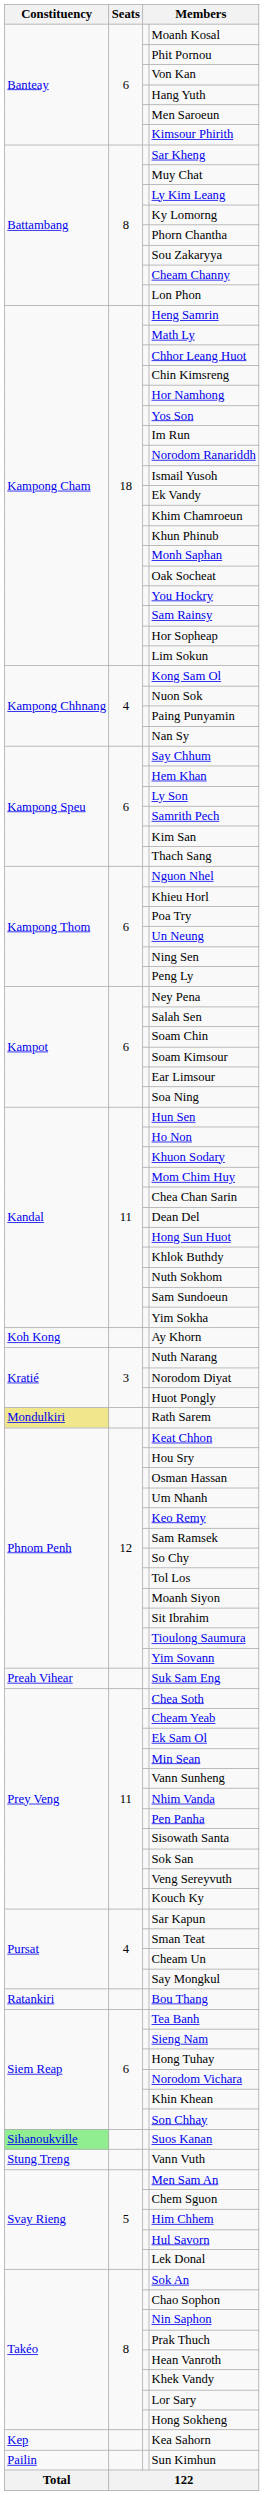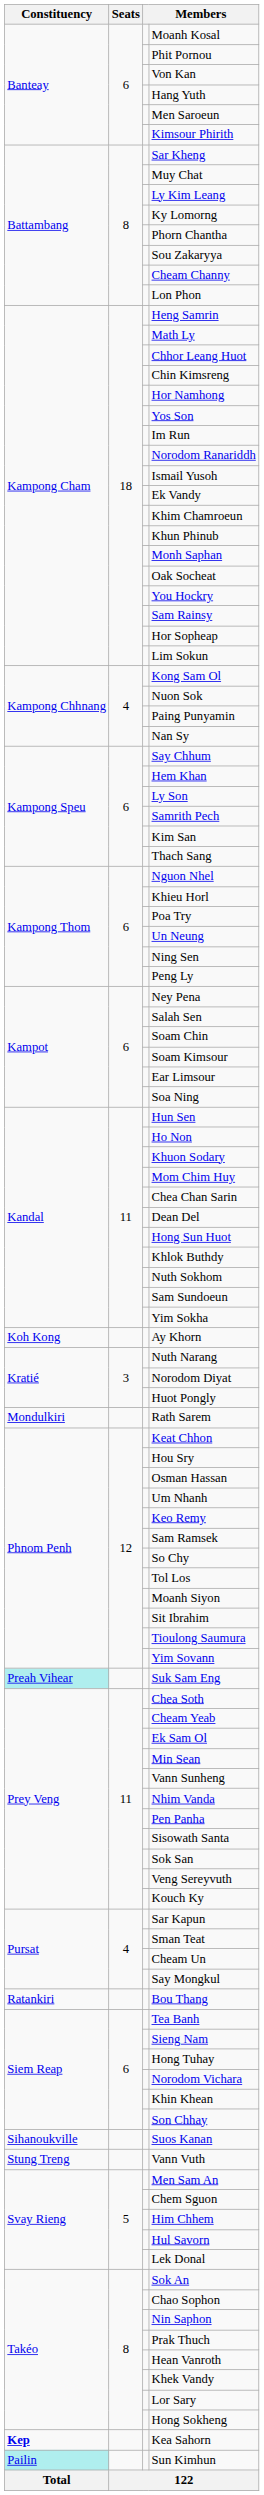 <table class=wikitable>
 <tr>
 <th>Constituency</th>
 <th>Seats</th>
 <th colspan="2">Members</th>
 </tr>
 <tr>
 <td rowspan="6"><a href='#'>Banteay</a></td>
 <td rowspan="6" style="text-align:center">6</td>
 <td style="background-color:"></td>
 <td>Moanh Kosal</td>
 </tr>
 <tr>
 <td style="background-color:"></td>
 <td>Phit Pornou</td>
 </tr>
 <tr>
 <td style="background-color:"></td>
 <td>Von Kan</td>
 </tr>
 <tr>
 <td style="background-color:"></td>
 <td>Hang Yuth</td>
 </tr>
 <tr>
 <td style="background-color:"></td>
 <td>Men Saroeun</td>
 </tr>
 <tr>
 <td style="background-color:"></td>
 <td><a href='#'>Kimsour Phirith</a></td>
 </tr>
 <tr>
 <td rowspan="8"><a href='#'>Battambang</a></td>
 <td rowspan="8" style="text-align:center">8</td>
 <td style="background-color:"></td>
 <td><a href='#'>Sar Kheng</a></td>
 </tr>
 <tr>
 <td style="background-color:"></td>
 <td>Muy Chat</td>
 </tr>
 <tr>
 <td style="background-color:"></td>
 <td><a href='#'>Ly Kim Leang</a></td>
 </tr>
 <tr>
 <td style="background-color:"></td>
 <td>Ky Lomorng</td>
 </tr>
 <tr>
 <td style="background-color:"></td>
 <td>Phorn Chantha</td>
 </tr>
 <tr>
 <td style="background-color:"></td>
 <td>Sou Zakaryya</td>
 </tr>
 <tr>
 <td style="background-color:"></td>
 <td><a href='#'>Cheam Channy</a></td>
 </tr>
 <tr>
 <td style="background-color:"></td>
 <td>Lon Phon</td>
 </tr>
 <tr>
 <td rowspan="18"><a href='#'>Kampong Cham</a></td>
 <td rowspan="18" style="text-align:center">18</td>
 <td style="background-color:"></td>
 <td><a href='#'>Heng Samrin</a></td>
 </tr>
 <tr>
 <td style="background-color:"></td>
 <td><a href='#'>Math Ly</a></td>
 </tr>
 <tr>
 <td style="background-color:"></td>
 <td><a href='#'>Chhor Leang Huot</a></td>
 </tr>
 <tr>
 <td style="background-color:"></td>
 <td>Chin Kimsreng</td>
 </tr>
 <tr>
 <td style="background-color:"></td>
 <td><a href='#'>Hor Namhong</a></td>
 </tr>
 <tr>
 <td style="background-color:"></td>
 <td><a href='#'>Yos Son</a></td>
 </tr>
 <tr>
 <td style="background-color:"></td>
 <td>Im Run</td>
 </tr>
 <tr>
 <td style="background-color:"></td>
 <td><a href='#'>Norodom Ranariddh</a></td>
 </tr>
 <tr>
 <td style="background-color:"></td>
 <td>Ismail Yusoh</td>
 </tr>
 <tr>
 <td style="background-color:"></td>
 <td>Ek Vandy</td>
 </tr>
 <tr>
 <td style="background-color:"></td>
 <td>Khim Chamroeun</td>
 </tr>
 <tr>
 <td style="background-color:"></td>
 <td>Khun Phinub</td>
 </tr>
 <tr>
 <td style="background-color:"></td>
 <td><a href='#'>Monh Saphan</a></td>
 </tr>
 <tr>
 <td style="background-color:"></td>
 <td>Oak Socheat</td>
 </tr>
 <tr>
 <td style="background-color:"></td>
 <td><a href='#'>You Hockry</a></td>
 </tr>
 <tr>
 <td style="background-color:"></td>
 <td><a href='#'>Sam Rainsy</a></td>
 </tr>
 <tr>
 <td style="background-color:"></td>
 <td>Hor Sopheap</td>
 </tr>
 <tr>
 <td style="background-color:"></td>
 <td>Lim Sokun</td>
 </tr>
 <tr>
 <td rowspan="4"><a href='#'>Kampong Chhnang</a></td>
 <td rowspan="4" style="text-align:center">4</td>
 <td style="background-color:"></td>
 <td><a href='#'>Kong Sam Ol</a></td>
 </tr>
 <tr>
 <td style="background-color:"></td>
 <td>Nuon Sok</td>
 </tr>
 <tr>
 <td style="background-color:"></td>
 <td>Paing Punyamin</td>
 </tr>
 <tr>
 <td style="background-color:"></td>
 <td>Nan Sy</td>
 </tr>
 <tr>
 <td rowspan="6"><a href='#'>Kampong Speu</a></td>
 <td rowspan="6" style="text-align:center">6</td>
 <td style="background-color:"></td>
 <td><a href='#'>Say Chhum</a></td>
 </tr>
 <tr>
 <td style="background-color:"></td>
 <td><a href='#'>Hem Khan</a></td>
 </tr>
 <tr>
 <td style="background-color:"></td>
 <td><a href='#'>Ly Son</a></td>
 </tr>
 <tr>
 <td style="background-color:"></td>
 <td><a href='#'>Samrith Pech</a></td>
 </tr>
 <tr>
 <td style="background-color:"></td>
 <td>Kim San</td>
 </tr>
 <tr>
 <td style="background-color:"></td>
 <td>Thach Sang</td>
 </tr>
 <tr>
 <td rowspan="6"><a href='#'>Kampong Thom</a></td>
 <td rowspan="6" style="text-align:center">6</td>
 <td style="background-color:"></td>
 <td><a href='#'>Nguon Nhel</a></td>
 </tr>
 <tr>
 <td style="background-color:"></td>
 <td>Khieu Horl</td>
 </tr>
 <tr>
 <td style="background-color:"></td>
 <td>Poa Try</td>
 </tr>
 <tr>
 <td style="background-color:"></td>
 <td><a href='#'>Un Neung</a></td>
 </tr>
 <tr>
 <td style="background-color:"></td>
 <td>Ning Sen</td>
 </tr>
 <tr>
 <td style="background-color:"></td>
 <td>Peng Ly</td>
 </tr>
 <tr>
 <td rowspan="6"><a href='#'>Kampot</a></td>
 <td rowspan="6" style="text-align:center">6</td>
 <td style="background-color:"></td>
 <td>Ney Pena</td>
 </tr>
 <tr>
 <td style="background-color:"></td>
 <td>Salah Sen</td>
 </tr>
 <tr>
 <td style="background-color:"></td>
 <td>Soam Chin</td>
 </tr>
 <tr>
 <td style="background-color:"></td>
 <td>Soam Kimsour</td>
 </tr>
 <tr>
 <td style="background-color:"></td>
 <td>Ear Limsour</td>
 </tr>
 <tr>
 <td style="background-color:"></td>
 <td>Soa Ning</td>
 </tr>
 <tr>
 <td rowspan="11"><a href='#'>Kandal</a></td>
 <td rowspan="11" style="text-align:center">11</td>
 <td style="background-color:"></td>
 <td><a href='#'>Hun Sen</a></td>
 </tr>
 <tr>
 <td style="background-color:"></td>
 <td><a href='#'>Ho Non</a></td>
 </tr>
 <tr>
 <td style="background-color:"></td>
 <td><a href='#'>Khuon Sodary</a></td>
 </tr>
 <tr>
 <td style="background-color:"></td>
 <td><a href='#'>Mom Chim Huy</a></td>
 </tr>
 <tr>
 <td style="background-color:"></td>
 <td>Chea Chan Sarin</td>
 </tr>
 <tr>
 <td style="background-color:"></td>
 <td>Dean Del</td>
 </tr>
 <tr>
 <td style="background-color:"></td>
 <td><a href='#'>Hong Sun Huot</a></td>
 </tr>
 <tr>
 <td style="background-color:"></td>
 <td>Khlok Buthdy</td>
 </tr>
 <tr>
 <td style="background-color:"></td>
 <td>Nuth Sokhom</td>
 </tr>
 <tr>
 <td style="background-color:"></td>
 <td>Sam Sundoeun</td>
 </tr>
 <tr>
 <td style="background-color:"></td>
 <td>Yim Sokha</td>
 </tr>
 <tr>
 <td><a href='#'>Koh Kong</a></td>
 <td></td>
 <td style="background-color:"></td>
 <td>Ay Khorn</td>
 </tr>
 <tr>
 <td rowspan="3"><a href='#'>Kratié</a></td>
 <td rowspan="3" style="text-align:center">3</td>
 <td style="background-color:"></td>
 <td>Nuth Narang</td>
 </tr>
 <tr>
 <td style="background-color:"></td>
 <td>Norodom Diyat</td>
 </tr>
 <tr>
 <td style="background-color:"></td>
 <td>Huot Pongly</td>
 </tr>
 <tr>
-<td style="background: khaki;"><a href='#'>Mondulkiri</a></td>
+<td><a href='#'>Mondulkiri</a></td>
 <td></td>
 <td style="background-color:"></td>
 <td>Rath Sarem</td>
 </tr>
 <tr>
 <td rowspan="12"><a href='#'>Phnom Penh</a></td>
 <td rowspan="12" style="text-align:center">12</td>
 <td style="background-color:"></td>
 <td><a href='#'>Keat Chhon</a></td>
 </tr>
 <tr>
 <td style="background-color:"></td>
 <td>Hou Sry</td>
 </tr>
 <tr>
 <td style="background-color:"></td>
 <td>Osman Hassan</td>
 </tr>
 <tr>
 <td style="background-color:"></td>
 <td>Um Nhanh</td>
 </tr>
 <tr>
 <td style="background-color:"></td>
 <td><a href='#'>Keo Remy</a></td>
 </tr>
 <tr>
 <td style="background-color:"></td>
 <td>Sam Ramsek</td>
 </tr>
 <tr>
 <td style="background-color:"></td>
 <td>So Chy</td>
 </tr>
 <tr>
 <td style="background-color:"></td>
 <td>Tol Los</td>
 </tr>
 <tr>
 <td style="background-color:"></td>
 <td>Moanh Siyon</td>
 </tr>
 <tr>
 <td style="background-color:"></td>
 <td>Sit Ibrahim</td>
 </tr>
 <tr>
 <td style="background-color:"></td>
 <td><a href='#'>Tioulong Saumura</a></td>
 </tr>
 <tr>
 <td style="background-color:"></td>
 <td><a href='#'>Yim Sovann</a></td>
 </tr>
 <tr>
-<td><a href='#'>Preah Vihear</a></td>
+<td style="background: paleturquoise;"><a href='#'>Preah Vihear</a></td>
 <td></td>
 <td style="background-color:"></td>
 <td><a href='#'>Suk Sam Eng</a></td>
 </tr>
 <tr>
 <td rowspan="11"><a href='#'>Prey Veng</a></td>
 <td rowspan="11" style="text-align:center">11</td>
 <td style="background-color:"></td>
 <td><a href='#'>Chea Soth</a></td>
 </tr>
 <tr>
 <td style="background-color:"></td>
 <td><a href='#'>Cheam Yeab</a></td>
 </tr>
 <tr>
 <td style="background-color:"></td>
 <td><a href='#'>Ek Sam Ol</a></td>
 </tr>
 <tr>
 <td style="background-color:"></td>
 <td><a href='#'>Min Sean</a></td>
 </tr>
 <tr>
 <td style="background-color:"></td>
 <td>Vann Sunheng</td>
 </tr>
 <tr>
 <td style="background-color:"></td>
 <td><a href='#'>Nhim Vanda</a></td>
 </tr>
 <tr>
 <td style="background-color:"></td>
 <td><a href='#'>Pen Panha</a></td>
 </tr>
 <tr>
 <td style="background-color:"></td>
 <td>Sisowath Santa</td>
 </tr>
 <tr>
 <td style="background-color:"></td>
 <td>Sok San</td>
 </tr>
 <tr>
 <td style="background-color:"></td>
 <td>Veng Sereyvuth</td>
 </tr>
 <tr>
 <td style="background-color:"></td>
 <td>Kouch Ky</td>
 </tr>
 <tr>
 <td rowspan="4"><a href='#'>Pursat</a></td>
 <td rowspan="4" style="text-align:center">4</td>
 <td style="background-color:"></td>
 <td>Sar Kapun</td>
 </tr>
 <tr>
 <td style="background-color:"></td>
 <td>Sman Teat</td>
 </tr>
 <tr>
 <td style="background-color:"></td>
 <td>Cheam Un</td>
 </tr>
 <tr>
 <td style="background-color:"></td>
 <td>Say Mongkul</td>
 </tr>
 <tr>
 <td><a href='#'>Ratankiri</a></td>
 <td></td>
 <td style="background-color:"></td>
 <td><a href='#'>Bou Thang</a></td>
 </tr>
 <tr>
 <td rowspan="6"><a href='#'>Siem Reap</a></td>
 <td rowspan="6" style="text-align:center">6</td>
 <td style="background-color:"></td>
 <td><a href='#'>Tea Banh</a></td>
 </tr>
 <tr>
 <td style="background-color:"></td>
 <td><a href='#'>Sieng Nam</a></td>
 </tr>
 <tr>
 <td style="background-color:"></td>
 <td>Hong Tuhay</td>
 </tr>
 <tr>
 <td style="background-color:"></td>
 <td><a href='#'>Norodom Vichara</a></td>
 </tr>
 <tr>
 <td style="background-color:"></td>
 <td>Khin Khean</td>
 </tr>
 <tr>
 <td style="background-color:"></td>
 <td><a href='#'>Son Chhay</a></td>
 </tr>
 <tr>
-<td style="background: lightgreen;"><a href='#'>Sihanoukville</a></td>
+<td><a href='#'>Sihanoukville</a></td>
 <td></td>
 <td style="background-color:"></td>
 <td><a href='#'>Suos Kanan</a></td>
 </tr>
 <tr>
 <td><a href='#'>Stung Treng</a></td>
 <td></td>
 <td style="background-color:"></td>
 <td>Vann Vuth</td>
 </tr>
 <tr>
 <td rowspan="5"><a href='#'>Svay Rieng</a></td>
 <td rowspan="5" style="text-align:center">5</td>
 <td style="background-color:"></td>
 <td><a href='#'>Men Sam An</a></td>
 </tr>
 <tr>
 <td style="background-color:"></td>
 <td>Chem Sguon</td>
 </tr>
 <tr>
 <td style="background-color:"></td>
 <td><a href='#'>Him Chhem</a></td>
 </tr>
 <tr>
 <td style="background-color:"></td>
 <td><a href='#'>Hul Savorn</a></td>
 </tr>
 <tr>
 <td style="background-color:"></td>
 <td>Lek Donal</td>
 </tr>
 <tr>
 <td rowspan="8"><a href='#'>Takéo</a></td>
 <td rowspan="8" style="text-align:center">8</td>
 <td style="background-color:"></td>
 <td><a href='#'>Sok An</a></td>
 </tr>
 <tr>
 <td style="background-color:"></td>
 <td>Chao Sophon</td>
 </tr>
 <tr>
 <td style="background-color:"></td>
 <td><a href='#'>Nin Saphon</a></td>
 </tr>
 <tr>
 <td style="background-color:"></td>
 <td>Prak Thuch</td>
 </tr>
 <tr>
 <td style="background-color:"></td>
 <td>Hean Vanroth</td>
 </tr>
 <tr>
 <td style="background-color:"></td>
 <td>Khek Vandy</td>
 </tr>
 <tr>
 <td style="background-color:"></td>
 <td>Lor Sary</td>
 </tr>
 <tr>
 <td style="background-color:"></td>
 <td>Hong Sokheng</td>
 </tr>
 <tr>
-<td><a href='#'>Kep</a></td>
+<td><strong><a href='#'>Kep</a></strong></td>
 <td></td>
 <td style="background-color:"></td>
 <td>Kea Sahorn</td>
 </tr>
 <tr>
-<td><a href='#'>Pailin</a></td>
+<td style="background: paleturquoise;"><a href='#'>Pailin</a></td>
 <td></td>
 <td style="background-color:"></td>
 <td>Sun Kimhun</td>
 </tr>
 <tr>
 <th>Total</th>
 <th colspan="3">122</th>
 </tr>
 </table>
